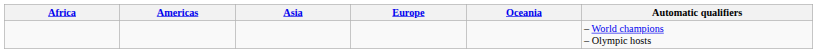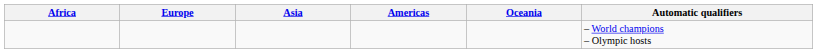 <table class=wikitable width=100%>
 <tr>
 <th width=13%><a href='#'>Africa</a></th>
+<th width=13%><a href='#'>Europe</a></th>
+<th width=13%><a href='#'>Asia</a></th>
 <th width=13%><a href='#'>Americas</a></th>
-<th width=13%><a href='#'>Asia</a></th>
-<th width=13%><a href='#'>Europe</a></th>
 <th width=13%><a href='#'>Oceania</a></th>
 <th width=26%>Automatic qualifiers</th>
 </tr>
 <tr valign=top>
 <td></td>
 <td><br><br></td>
 <td></td>
 <td><br><br></td>
 <td><br></td>
 <td> – <a href='#'>World champions</a><br> – Olympic hosts</td>
 </tr>
 </table>
